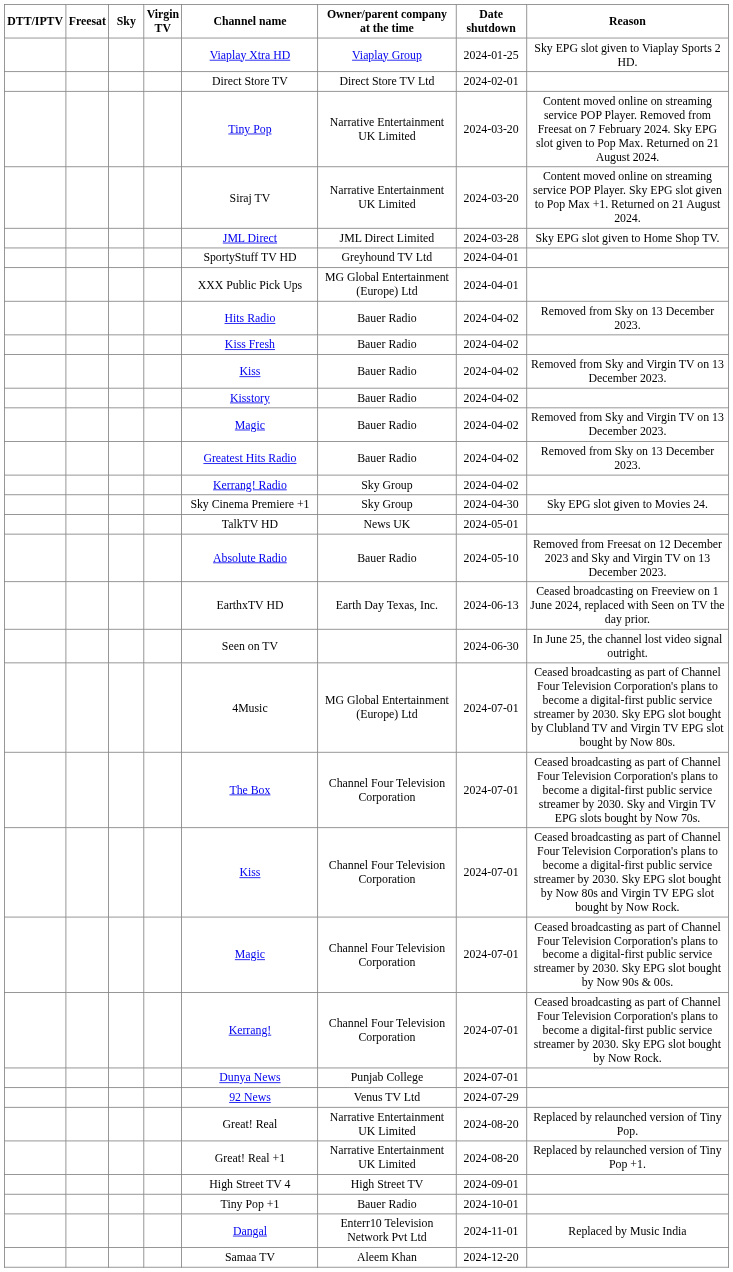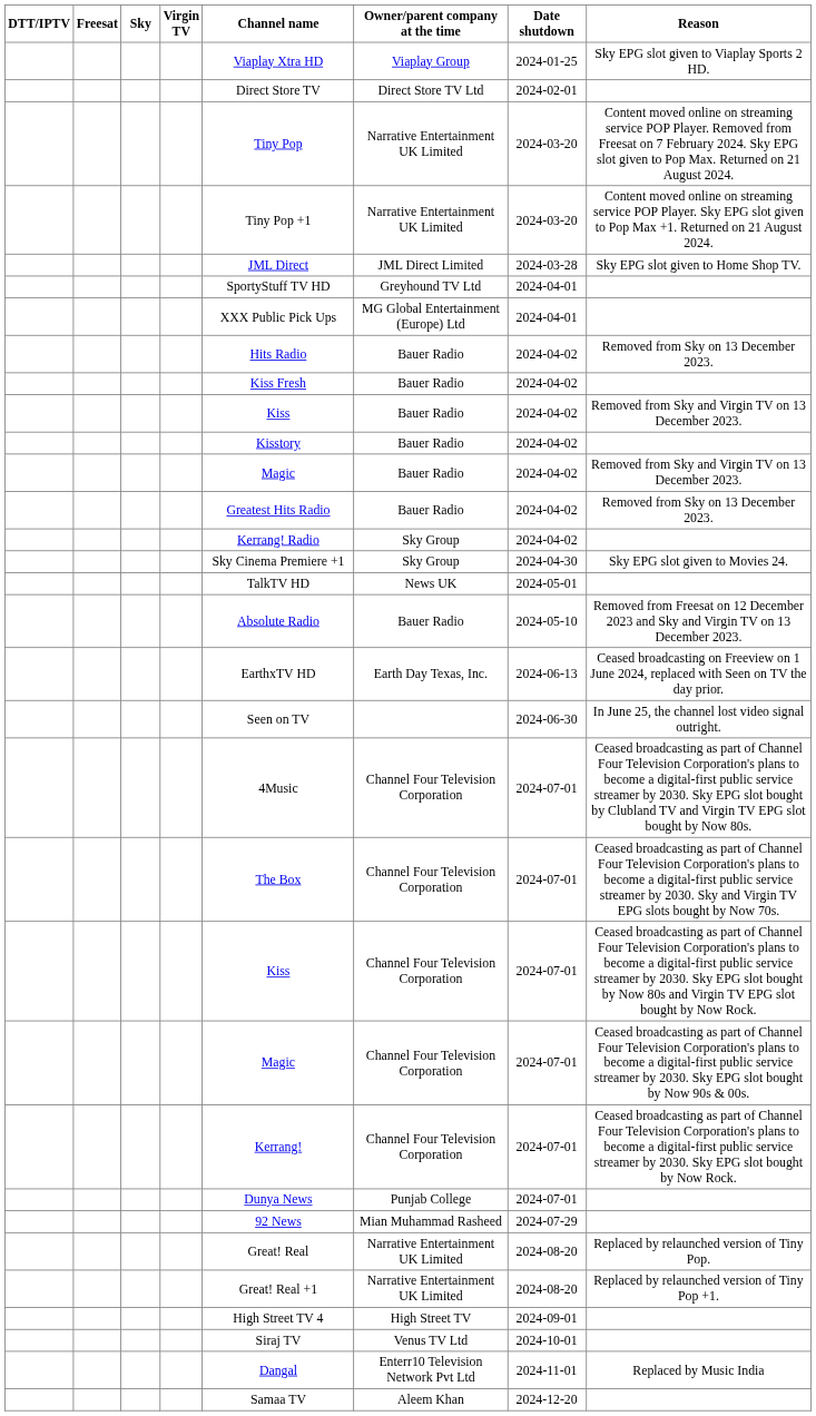 <table class="toccolors sortable" border="1" cellpadding="3" style="border-collapse:collapse; font-size: 90%; text-align:center" width="100%">
 <tr>
 <th width="5%">DTT/IPTV</th>
 <th width="5%">Freesat</th>
 <th width="5%">Sky</th>
 <th width="5%">Virgin TV</th>
 <th width="20%">Channel name</th>
 <th width="20%">Owner/parent company at the time</th>
 <th width="10%">Date shutdown </th>
 <th width="30%">Reason</th>
 </tr>
 <tr>
 <td></td>
 <td></td>
 <td></td>
 <td></td>
 <td><a href='#'>Viaplay Xtra HD</a></td>
 <td><a href='#'>Viaplay Group</a></td>
 <td>2024-01-25</td>
 <td>Sky EPG slot given to Viaplay Sports 2 HD.</td>
 </tr>
 <tr>
 <td></td>
 <td></td>
 <td></td>
 <td></td>
 <td>Direct Store TV</td>
 <td>Direct Store TV Ltd</td>
 <td>2024-02-01</td>
 <td></td>
 </tr>
 <tr>
 <td></td>
 <td></td>
 <td></td>
 <td></td>
 <td><a href='#'>Tiny Pop</a></td>
 <td>Narrative Entertainment UK Limited</td>
 <td>2024-03-20</td>
 <td>Content moved online on streaming service POP Player. Removed from Freesat on 7 February 2024. Sky EPG slot given to Pop Max. Returned on 21 August 2024.</td>
 </tr>
 <tr>
 <td></td>
 <td></td>
 <td></td>
 <td></td>
-<td>Siraj TV</td>
+<td>Tiny Pop +1</td>
 <td>Narrative Entertainment UK Limited</td>
 <td>2024-03-20</td>
 <td>Content moved online on streaming service POP Player. Sky EPG slot given to Pop Max +1. Returned on 21 August 2024.</td>
 </tr>
 <tr>
 <td></td>
 <td></td>
 <td></td>
 <td></td>
 <td><a href='#'>JML Direct</a></td>
 <td>JML Direct Limited</td>
 <td>2024-03-28</td>
 <td>Sky EPG slot given to Home Shop TV.</td>
 </tr>
 <tr>
 <td></td>
 <td></td>
 <td></td>
 <td></td>
 <td>SportyStuff TV HD</td>
 <td>Greyhound TV Ltd</td>
 <td>2024-04-01</td>
 <td></td>
 </tr>
 <tr>
 <td></td>
 <td></td>
 <td></td>
 <td></td>
 <td>XXX Public Pick Ups</td>
 <td>MG Global Entertainment (Europe) Ltd</td>
 <td>2024-04-01</td>
 <td></td>
 </tr>
 <tr>
 <td></td>
 <td></td>
 <td></td>
 <td></td>
 <td><a href='#'>Hits Radio</a></td>
 <td>Bauer Radio</td>
 <td>2024-04-02</td>
 <td>Removed from Sky on 13 December 2023.</td>
 </tr>
 <tr>
 <td></td>
 <td></td>
 <td></td>
 <td></td>
 <td><a href='#'>Kiss Fresh</a></td>
 <td>Bauer Radio</td>
 <td>2024-04-02</td>
 <td></td>
 </tr>
 <tr>
 <td></td>
 <td></td>
 <td></td>
 <td></td>
 <td><a href='#'>Kiss</a></td>
 <td>Bauer Radio</td>
 <td>2024-04-02</td>
 <td>Removed from Sky and Virgin TV on 13 December 2023.</td>
 </tr>
 <tr>
 <td></td>
 <td></td>
 <td></td>
 <td></td>
 <td><a href='#'>Kisstory</a></td>
 <td>Bauer Radio</td>
 <td>2024-04-02</td>
 <td></td>
 </tr>
 <tr>
 <td></td>
 <td></td>
 <td></td>
 <td></td>
 <td><a href='#'>Magic</a></td>
 <td>Bauer Radio</td>
 <td>2024-04-02</td>
 <td>Removed from Sky and Virgin TV on 13 December 2023.</td>
 </tr>
 <tr>
 <td></td>
 <td></td>
 <td></td>
 <td></td>
 <td><a href='#'>Greatest Hits Radio</a></td>
 <td>Bauer Radio</td>
 <td>2024-04-02</td>
 <td>Removed from Sky on 13 December 2023.</td>
 </tr>
 <tr>
 <td></td>
 <td></td>
 <td></td>
 <td></td>
 <td><a href='#'>Kerrang! Radio</a></td>
 <td>Sky Group</td>
 <td>2024-04-02</td>
 <td></td>
 </tr>
 <tr>
 <td></td>
 <td></td>
 <td></td>
 <td></td>
 <td>Sky Cinema Premiere +1</td>
 <td>Sky Group</td>
 <td>2024-04-30</td>
 <td>Sky EPG slot given to Movies 24.</td>
 </tr>
 <tr>
 <td></td>
 <td></td>
 <td></td>
 <td></td>
 <td>TalkTV HD</td>
 <td>News UK</td>
 <td>2024-05-01</td>
 <td></td>
 </tr>
 <tr>
 <td></td>
 <td></td>
 <td></td>
 <td></td>
 <td><a href='#'>Absolute Radio</a></td>
 <td>Bauer Radio</td>
 <td>2024-05-10</td>
 <td>Removed from Freesat on 12 December 2023 and Sky and Virgin TV on 13 December 2023.</td>
 </tr>
 <tr>
 <td></td>
 <td></td>
 <td></td>
 <td></td>
 <td>EarthxTV HD</td>
 <td>Earth Day Texas, Inc.</td>
 <td>2024-06-13</td>
 <td>Ceased broadcasting on Freeview on 1 June 2024, replaced with Seen on TV the day prior.</td>
 </tr>
 <tr>
 <td></td>
 <td></td>
 <td></td>
 <td></td>
 <td>Seen on TV</td>
 <td></td>
 <td>2024-06-30</td>
 <td>In June 25, the channel lost video signal outright.</td>
 </tr>
 <tr>
 <td></td>
 <td></td>
 <td></td>
 <td></td>
 <td>4Music</td>
-<td>MG Global Entertainment (Europe) Ltd</td>
+<td>Channel Four Television Corporation</td>
 <td>2024-07-01</td>
 <td>Ceased broadcasting as part of Channel Four Television Corporation's plans to become a digital-first public service streamer by 2030. Sky EPG slot bought by Clubland TV and Virgin TV EPG slot bought by Now 80s.</td>
 </tr>
 <tr>
 <td></td>
 <td></td>
 <td></td>
 <td></td>
 <td><a href='#'>The Box</a></td>
 <td>Channel Four Television Corporation</td>
 <td>2024-07-01</td>
 <td>Ceased broadcasting as part of Channel Four Television Corporation's plans to become a digital-first public service streamer by 2030. Sky and Virgin TV EPG slots bought by Now 70s.</td>
 </tr>
 <tr>
 <td></td>
 <td></td>
 <td></td>
 <td></td>
 <td><a href='#'>Kiss</a></td>
 <td>Channel Four Television Corporation</td>
 <td>2024-07-01</td>
 <td>Ceased broadcasting as part of Channel Four Television Corporation's plans to become a digital-first public service streamer by 2030. Sky EPG slot bought by Now 80s and Virgin TV EPG slot bought by Now Rock.</td>
 </tr>
 <tr>
 <td></td>
 <td></td>
 <td></td>
 <td></td>
 <td><a href='#'>Magic</a></td>
 <td>Channel Four Television Corporation</td>
 <td>2024-07-01</td>
 <td>Ceased broadcasting as part of Channel Four Television Corporation's plans to become a digital-first public service streamer by 2030. Sky EPG slot bought by Now 90s & 00s.</td>
 </tr>
 <tr>
 <td></td>
 <td></td>
 <td></td>
 <td></td>
 <td><a href='#'>Kerrang!</a></td>
 <td>Channel Four Television Corporation</td>
 <td>2024-07-01</td>
 <td>Ceased broadcasting as part of Channel Four Television Corporation's plans to become a digital-first public service streamer by 2030. Sky EPG slot bought by Now Rock.</td>
 </tr>
 <tr>
 <td></td>
 <td></td>
 <td></td>
 <td></td>
 <td><a href='#'>Dunya News</a></td>
 <td>Punjab College</td>
 <td>2024-07-01</td>
 <td></td>
 </tr>
 <tr>
 <td></td>
 <td></td>
 <td></td>
 <td></td>
 <td><a href='#'>92 News</a></td>
-<td>Venus TV Ltd</td>
+<td>Mian Muhammad Rasheed</td>
 <td>2024-07-29</td>
 <td></td>
 </tr>
 <tr>
 <td></td>
 <td></td>
 <td></td>
 <td></td>
 <td>Great! Real</td>
 <td>Narrative Entertainment UK Limited</td>
 <td>2024-08-20</td>
 <td>Replaced by relaunched version of Tiny Pop.</td>
 </tr>
 <tr>
 <td></td>
 <td></td>
 <td></td>
 <td></td>
 <td>Great! Real +1</td>
 <td>Narrative Entertainment UK Limited</td>
 <td>2024-08-20</td>
 <td>Replaced by relaunched version of Tiny Pop +1.</td>
 </tr>
 <tr>
 <td></td>
 <td></td>
 <td></td>
 <td></td>
 <td>High Street TV 4</td>
 <td>High Street TV</td>
 <td>2024-09-01</td>
 <td></td>
 </tr>
 <tr>
 <td></td>
 <td></td>
 <td></td>
 <td></td>
-<td>Tiny Pop +1</td>
-<td>Bauer Radio</td>
+<td>Siraj TV</td>
+<td>Venus TV Ltd</td>
 <td>2024-10-01</td>
 <td></td>
 </tr>
 <tr>
 <td></td>
 <td></td>
 <td></td>
 <td></td>
 <td><a href='#'>Dangal</a></td>
 <td>Enterr10 Television Network Pvt Ltd</td>
 <td>2024-11-01</td>
 <td>Replaced by Music India</td>
 </tr>
 <tr>
 <td></td>
 <td></td>
 <td></td>
 <td></td>
 <td>Samaa TV</td>
 <td>Aleem Khan</td>
 <td>2024-12-20</td>
 <td></td>
 </tr>
 </table>
